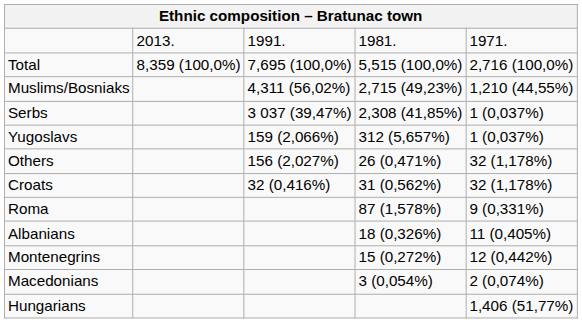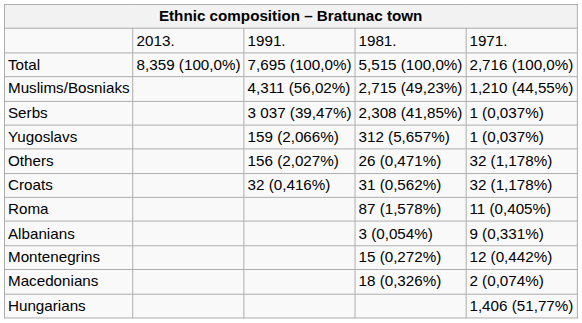 <table class="wikitable">
 <tr>
 <th colspan="8">Ethnic composition – Bratunac town</th>
 </tr>
 <tr>
 <td></td>
 <td>2013.</td>
 <td>1991.</td>
 <td>1981.</td>
 <td>1971.</td>
 </tr>
 <tr>
 <td>Total</td>
 <td>8,359 (100,0%)</td>
 <td>7,695 (100,0%)</td>
 <td>5,515 (100,0%)</td>
 <td>2,716 (100,0%)</td>
 </tr>
 <tr>
 <td>Muslims/Bosniaks</td>
 <td></td>
 <td>4,311 (56,02%)</td>
 <td>2,715 (49,23%)</td>
 <td>1,210 (44,55%)</td>
 </tr>
 <tr>
 <td>Serbs</td>
 <td></td>
 <td>3 037 (39,47%)</td>
 <td>2,308 (41,85%)</td>
 <td>1 (0,037%)</td>
 </tr>
 <tr>
 <td>Yugoslavs</td>
 <td></td>
 <td>159 (2,066%)</td>
 <td>312 (5,657%)</td>
 <td>1 (0,037%)</td>
 </tr>
 <tr>
 <td>Others</td>
 <td></td>
 <td>156 (2,027%)</td>
 <td>26 (0,471%)</td>
 <td>32 (1,178%)</td>
 </tr>
 <tr>
 <td>Croats</td>
 <td></td>
 <td>32 (0,416%)</td>
 <td>31 (0,562%)</td>
 <td>32 (1,178%)</td>
 </tr>
 <tr>
 <td>Roma</td>
 <td></td>
 <td></td>
 <td>87 (1,578%)</td>
-<td>9 (0,331%)</td>
+<td>11 (0,405%)</td>
 </tr>
 <tr>
 <td>Albanians</td>
 <td></td>
 <td></td>
-<td>18 (0,326%)</td>
-<td>11 (0,405%)</td>
+<td>3 (0,054%)</td>
+<td>9 (0,331%)</td>
 </tr>
 <tr>
 <td>Montenegrins</td>
 <td></td>
 <td></td>
 <td>15 (0,272%)</td>
 <td>12 (0,442%)</td>
 </tr>
 <tr>
 <td>Macedonians</td>
 <td></td>
 <td></td>
-<td>3 (0,054%)</td>
+<td>18 (0,326%)</td>
 <td>2 (0,074%)</td>
 </tr>
 <tr>
 <td>Hungarians</td>
 <td></td>
 <td></td>
 <td></td>
 <td>1,406 (51,77%)</td>
 </tr>
 </table>
